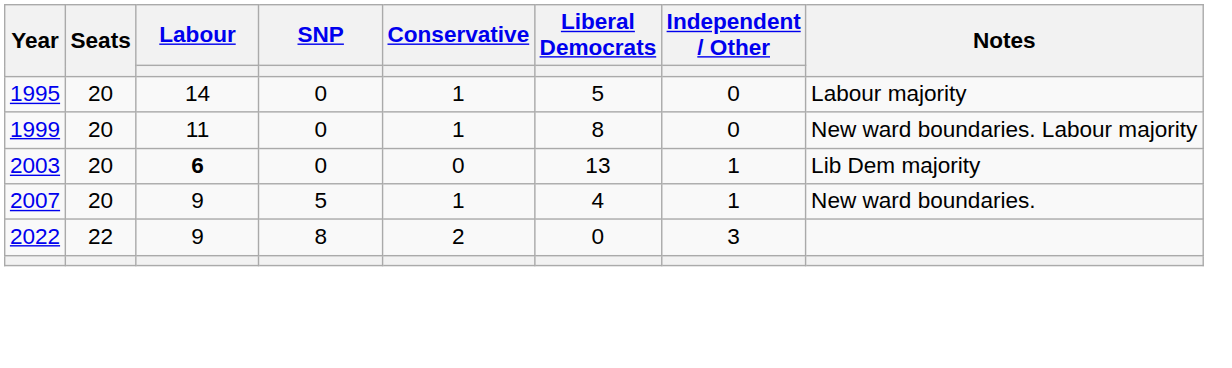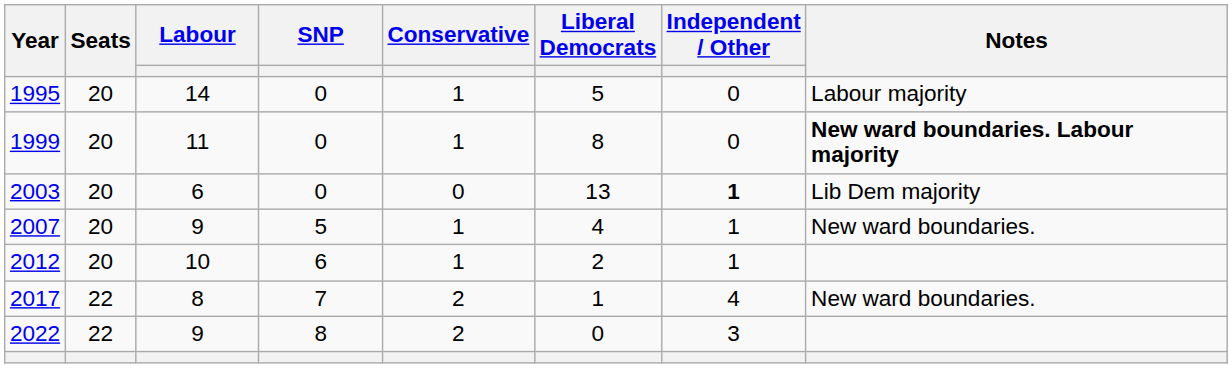 <table class="wikitable" style=text-align:center>
 <tr>
 <th rowspan=2>Year</th>
 <th rowspan=2>Seats</th>
 <th width="80"><a href='#'>Labour</a></th>
 <th width="80"><a href='#'>SNP</a></th>
 <th width="80"><a href='#'>Conservative</a></th>
 <th width="80"><a href='#'>Liberal Democrats</a></th>
 <th width="80"><a href='#'>Independent / Other</a></th>
 <th rowspan=2>Notes</th>
 </tr>
 <tr>
 <th style="background-color: "></th>
 <th style="background-color: "></th>
 <th style="background-color: "></th>
 <th style="background-color: "></th>
 <th style="background-color: "></th>
 </tr>
 <tr>
 <td><a href='#'>1995</a></td>
 <td>20</td>
 <td>14</td>
 <td>0</td>
 <td>1</td>
 <td>5</td>
 <td>0</td>
 <td align=left>Labour majority</td>
 </tr>
 <tr>
 <td><a href='#'>1999</a></td>
 <td>20</td>
 <td>11</td>
 <td>0</td>
 <td>1</td>
 <td>8</td>
 <td>0</td>
-<td align=left>New ward boundaries. Labour majority</td>
+<td align=left><strong>New ward boundaries. Labour majority</strong></td>
 </tr>
 <tr>
 <td><a href='#'>2003</a></td>
 <td>20</td>
-<td><strong>6</strong></td>
+<td>6</td>
 <td>0</td>
 <td>0</td>
 <td>13</td>
-<td>1</td>
+<td><strong>1</strong></td>
 <td align=left>Lib Dem majority</td>
 </tr>
 <tr>
 <td><a href='#'>2007</a></td>
 <td>20</td>
 <td>9</td>
 <td>5</td>
 <td>1</td>
 <td>4</td>
 <td>1</td>
+<td align=left>New ward boundaries.</td>
+</tr>
+<tr>
+<td><a href='#'>2012</a></td>
+<td>20</td>
+<td>10</td>
+<td>6</td>
+<td>1</td>
+<td>2</td>
+<td>1</td>
+<td align=left></td>
+</tr>
+<tr>
+<td><a href='#'>2017</a></td>
+<td>22</td>
+<td>8</td>
+<td>7</td>
+<td>2</td>
+<td>1</td>
+<td>4</td>
 <td align=left>New ward boundaries.</td>
 </tr>
 <tr>
 <td><a href='#'>2022</a></td>
 <td>22</td>
 <td>9</td>
 <td>8</td>
 <td>2</td>
 <td>0</td>
 <td>3</td>
 <td align=left></td>
 </tr>
 <tr>
 <th></th>
 <th></th>
 <th style="background-color: "></th>
 <th style="background-color: "></th>
 <th style="background-color: "></th>
 <th style="background-color: "></th>
 <th style="background-color: "></th>
 <th></th>
 </tr>
 </table>
